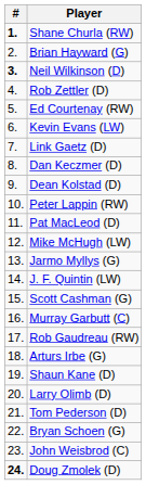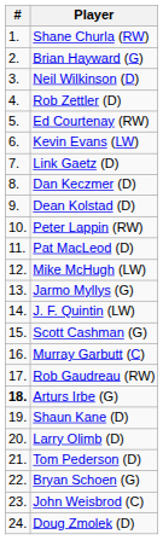 <table class="wikitable">
 <tr>
 <th bgcolor="#DDDDFF">#</th>
 <th bgcolor="#DDDDFF">Player</th>
 </tr>
 <tr>
-<td><strong>1.</strong></td>
+<td>1.</td>
 <td><a href='#'>Shane Churla</a> (<a href='#'>RW</a>)</td>
 </tr>
 <tr>
 <td>2.</td>
 <td><a href='#'>Brian Hayward</a> (<a href='#'>G</a>)</td>
 </tr>
 <tr>
-<td><strong>3.</strong></td>
+<td>3.</td>
 <td><a href='#'>Neil Wilkinson</a> (<a href='#'>D</a>)</td>
 </tr>
 <tr>
 <td>4.</td>
 <td><a href='#'>Rob Zettler</a> (D)</td>
 </tr>
 <tr>
 <td>5.</td>
 <td><a href='#'>Ed Courtenay</a> (RW)</td>
 </tr>
 <tr>
 <td>6.</td>
 <td><a href='#'>Kevin Evans</a> (<a href='#'>LW</a>)</td>
 </tr>
 <tr>
 <td>7.</td>
 <td><a href='#'>Link Gaetz</a> (D)</td>
 </tr>
 <tr>
 <td>8.</td>
 <td><a href='#'>Dan Keczmer</a> (D)</td>
 </tr>
 <tr>
 <td>9.</td>
 <td><a href='#'>Dean Kolstad</a> (D)</td>
 </tr>
 <tr>
 <td>10.</td>
 <td><a href='#'>Peter Lappin</a> (RW)</td>
 </tr>
 <tr>
 <td>11.</td>
 <td><a href='#'>Pat MacLeod</a> (D)</td>
 </tr>
 <tr>
 <td>12.</td>
 <td><a href='#'>Mike McHugh</a> (LW)</td>
 </tr>
 <tr>
 <td>13.</td>
 <td><a href='#'>Jarmo Myllys</a> (G)</td>
 </tr>
 <tr>
 <td>14.</td>
 <td><a href='#'>J. F. Quintin</a> (LW)</td>
 </tr>
 <tr>
 <td>15.</td>
 <td><a href='#'>Scott Cashman</a> (G)</td>
 </tr>
 <tr>
 <td>16.</td>
 <td><a href='#'>Murray Garbutt</a> (<a href='#'>C</a>)</td>
 </tr>
 <tr>
 <td>17.</td>
 <td><a href='#'>Rob Gaudreau</a> (RW)</td>
 </tr>
 <tr>
-<td>18.</td>
+<td><strong>18.</strong></td>
 <td><a href='#'>Arturs Irbe</a> (G)</td>
 </tr>
 <tr>
 <td>19.</td>
 <td><a href='#'>Shaun Kane</a> (D)</td>
 </tr>
 <tr>
 <td>20.</td>
 <td><a href='#'>Larry Olimb</a> (D)</td>
 </tr>
 <tr>
 <td>21.</td>
 <td><a href='#'>Tom Pederson</a> (D)</td>
 </tr>
 <tr>
 <td>22.</td>
 <td><a href='#'>Bryan Schoen</a> (G)</td>
 </tr>
 <tr>
 <td>23.</td>
 <td><a href='#'>John Weisbrod</a> (C)</td>
 </tr>
 <tr>
-<td><strong>24.</strong></td>
+<td>24.</td>
 <td><a href='#'>Doug Zmolek</a> (D)</td>
 </tr>
 </table>
